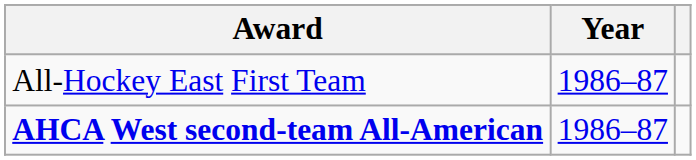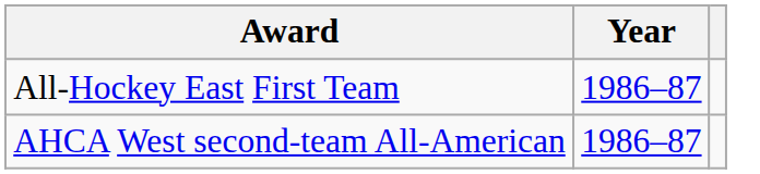 <table class="wikitable">
 <tr>
 <th>Award</th>
 <th>Year</th>
 <th></th>
 </tr>
 <tr>
 <td>All-<a href='#'>Hockey East</a> <a href='#'>First Team</a></td>
 <td><a href='#'>1986–87</a></td>
 <td></td>
 </tr>
 <tr>
-<td><strong><a href='#'>AHCA</a> <a href='#'>West second-team All-American</a></strong></td>
+<td><a href='#'>AHCA</a> <a href='#'>West second-team All-American</a></td>
 <td><a href='#'>1986–87</a></td>
 <td></td>
 </tr>
 </table>
